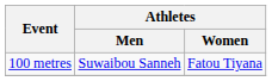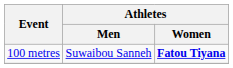 <table class=wikitable style="font-size:90%">
 <tr>
 <th rowspan=2>Event</th>
 <th colspan=2>Athletes</th>
 </tr>
 <tr>
 <th>Men</th>
 <th>Women</th>
 </tr>
 <tr>
 <td><a href='#'>100 metres</a></td>
 <td><a href='#'>Suwaibou Sanneh</a></td>
-<td><a href='#'>Fatou Tiyana</a></td>
+<td><strong><a href='#'>Fatou Tiyana</a></strong></td>
 </tr>
 <tr>
 </tr>
 </table>
